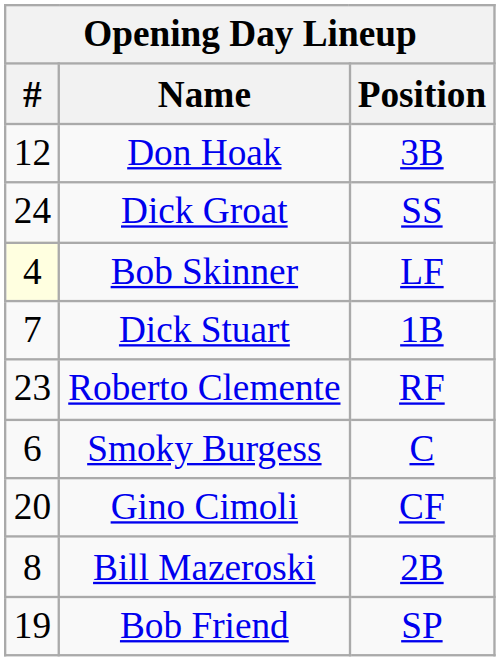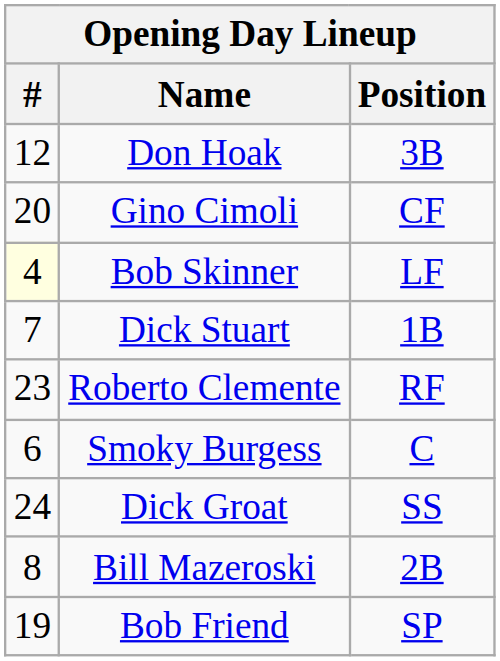 <table class="wikitable" style="text-align:center">
 <tr>
 <th colspan="3">Opening Day Lineup</th>
 </tr>
 <tr>
 <th>#</th>
 <th>Name</th>
 <th>Position</th>
 </tr>
 <tr>
 <td>12</td>
 <td><a href='#'>Don Hoak</a></td>
 <td><a href='#'>3B</a></td>
 </tr>
 <tr>
-<td>24</td>
-<td><a href='#'>Dick Groat</a></td>
-<td><a href='#'>SS</a></td>
+<td>20</td>
+<td><a href='#'>Gino Cimoli</a></td>
+<td><a href='#'>CF</a></td>
 </tr>
 <tr>
 <td style="background: lightyellow;">4</td>
 <td><a href='#'>Bob Skinner</a></td>
 <td><a href='#'>LF</a></td>
 </tr>
 <tr>
 <td>7</td>
 <td><a href='#'>Dick Stuart</a></td>
 <td><a href='#'>1B</a></td>
 </tr>
 <tr>
 <td>23</td>
 <td><a href='#'>Roberto Clemente</a></td>
 <td><a href='#'>RF</a></td>
 </tr>
 <tr>
 <td>6</td>
 <td><a href='#'>Smoky Burgess</a></td>
 <td><a href='#'>C</a></td>
 </tr>
 <tr>
-<td>20</td>
-<td><a href='#'>Gino Cimoli</a></td>
-<td><a href='#'>CF</a></td>
+<td>24</td>
+<td><a href='#'>Dick Groat</a></td>
+<td><a href='#'>SS</a></td>
 </tr>
 <tr>
 <td>8</td>
 <td><a href='#'>Bill Mazeroski</a></td>
 <td><a href='#'>2B</a></td>
 </tr>
 <tr>
 <td>19</td>
 <td><a href='#'>Bob Friend</a></td>
 <td><a href='#'>SP</a></td>
 </tr>
 </table>
